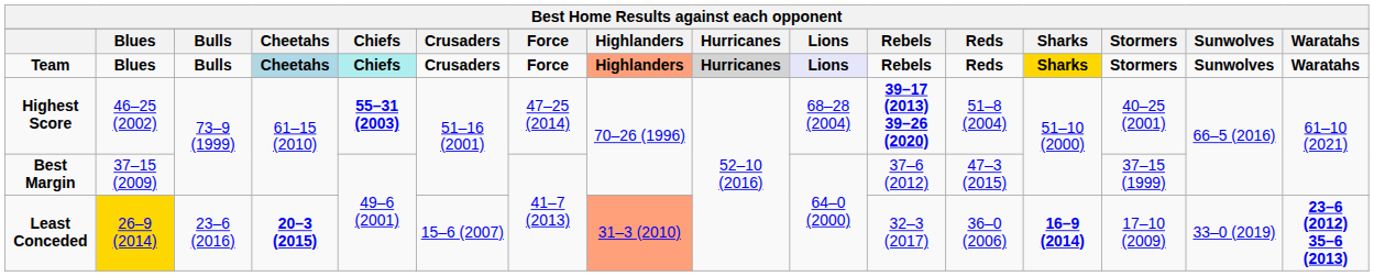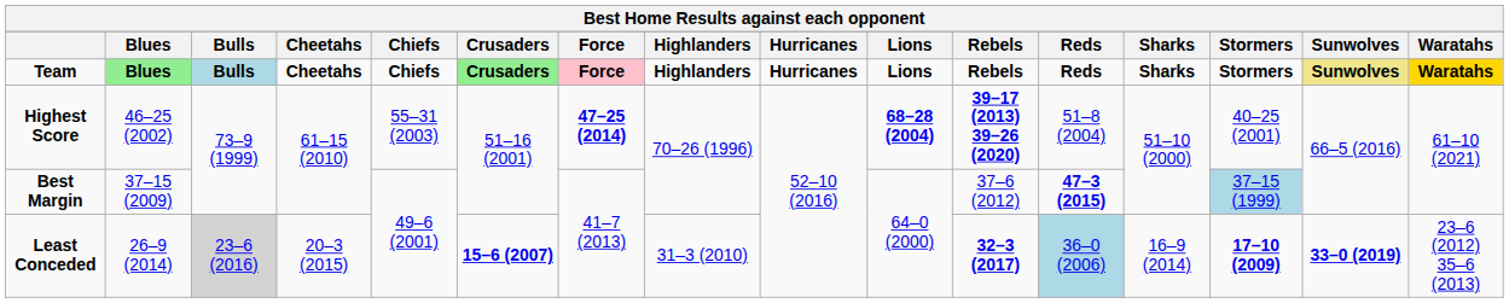 <table class="wikitable collapsible sortable mw-collapsed" style="text-align:left; font-size:100%; width:90%;">
 <tr>
 <th colspan="100%">Best Home Results against each opponent</th>
 </tr>
 <tr>
 </tr>
 <tr border=1 cellpadding=5 cellspacing=0 width=90%>
 <th style="width:5%;"></th>
 <th style="width:5%;">Blues</th>
 <th style="width:5%;">Bulls</th>
 <th style="width:5%;">Cheetahs</th>
 <th style="width:5%;">Chiefs</th>
 <th style="width:5%;">Crusaders</th>
 <th style="width:5%;">Force</th>
 <th style="width:5%;">Highlanders</th>
 <th style="width:5%;">Hurricanes</th>
 <th style="width:5%;">Lions</th>
 <th style="width:5%;">Rebels</th>
 <th style="width:5%;">Reds</th>
 <th style="width:5%;">Sharks</th>
 <th style="width:5%;">Stormers</th>
 <th style="width:5%;">Sunwolves</th>
 <th style="width:5%;">Waratahs<br></th>
 </tr>
 <tr align=center>
 <td><strong>Team</strong></td>
-<td><strong>Blues</strong></td>
-<td><strong>Bulls</strong></td>
-<td style="background: lightblue;"><strong>Cheetahs</strong></td>
-<td style="background: paleturquoise;"><strong>Chiefs</strong></td>
-<td><strong>Crusaders</strong></td>
-<td><strong>Force</strong></td>
-<td style="background: lightsalmon;"><strong>Highlanders</strong></td>
-<td style="background: lightgrey;"><strong>Hurricanes</strong></td>
-<td style="background: lavender;"><strong>Lions</strong></td>
+<td style="background: lightgreen;"><strong>Blues</strong></td>
+<td style="background: lightblue;"><strong>Bulls</strong></td>
+<td><strong>Cheetahs</strong></td>
+<td><strong>Chiefs</strong></td>
+<td style="background: lightgreen;"><strong>Crusaders</strong></td>
+<td style="background: pink;"><strong>Force</strong></td>
+<td><strong>Highlanders</strong></td>
+<td><strong>Hurricanes</strong></td>
+<td><strong>Lions</strong></td>
 <td><strong>Rebels</strong></td>
 <td><strong>Reds</strong></td>
-<td style="background: gold;"><strong>Sharks</strong></td>
+<td><strong>Sharks</strong></td>
 <td><strong>Stormers</strong></td>
-<td><strong>Sunwolves</strong></td>
-<td><strong>Waratahs</strong></td>
+<td style="background: khaki;"><strong>Sunwolves</strong></td>
+<td style="background: gold;"><strong>Waratahs</strong></td>
 </tr>
 <tr align=center>
 <td><strong>Highest Score</strong></td>
 <td><a href='#'>46–25 (2002)</a></td>
 <td rowspan="2"><a href='#'>73–9 (1999)</a></td>
 <td rowspan="2"><a href='#'>61–15 (2010)</a></td>
-<td><strong><a href='#'>55–31 (2003)</a></strong></td>
+<td><a href='#'>55–31 (2003)</a></td>
 <td rowspan="2"><a href='#'>51–16 (2001)</a></td>
-<td><a href='#'>47–25 (2014)</a></td>
+<td><strong><a href='#'>47–25 (2014)</a></strong></td>
 <td rowspan="2"><a href='#'>70–26 (1996)</a></td>
 <td rowspan="3"><a href='#'>52–10 (2016)</a></td>
-<td><a href='#'>68–28 (2004)</a></td>
+<td><strong><a href='#'>68–28 (2004)</a></strong></td>
 <td><strong><a href='#'>39–17 (2013)</a> <br> <a href='#'>39–26 (2020)</a></strong></td>
 <td><a href='#'>51–8 (2004)</a></td>
 <td rowspan="2"><a href='#'>51–10 (2000)</a></td>
 <td><a href='#'>40–25 (2001)</a></td>
 <td rowspan="2"><a href='#'>66–5 (2016)</a></td>
 <td rowspan="2"><a href='#'>61–10 (2021)</a></td>
 </tr>
 <tr align=center>
 <td><strong>Best Margin</strong></td>
 <td><a href='#'>37–15 (2009)</a></td>
 <td rowspan="2"><a href='#'>49–6 (2001)</a></td>
 <td rowspan="2"><a href='#'>41–7 (2013)</a></td>
 <td rowspan="2"><a href='#'>64–0 (2000)</a></td>
 <td><a href='#'>37–6 (2012)</a></td>
-<td><a href='#'>47–3 (2015)</a></td>
-<td><a href='#'>37–15 (1999)</a></td>
+<td><strong><a href='#'>47–3 (2015)</a></strong></td>
+<td style="background: lightblue;"><a href='#'>37–15 (1999)</a></td>
 </tr>
 <tr align=center>
 <td><strong>Least Conceded</strong></td>
-<td style="background: gold;"><a href='#'>26–9 (2014)</a></td>
-<td><a href='#'>23–6 (2016)</a></td>
-<td><strong><a href='#'>20–3 (2015)</a></strong></td>
-<td><a href='#'>15–6 (2007)</a></td>
-<td style="background: lightsalmon;"><a href='#'>31–3 (2010)</a></td>
-<td><a href='#'>32–3 (2017)</a></td>
-<td><a href='#'>36–0 (2006)</a></td>
-<td><strong><a href='#'>16–9 (2014)</a></strong></td>
-<td><a href='#'>17–10 (2009)</a></td>
-<td><a href='#'>33–0 (2019)</a></td>
-<td><strong><a href='#'>23–6 (2012)</a> <br> <a href='#'>35–6 (2013)</a></strong></td>
+<td><a href='#'>26–9 (2014)</a></td>
+<td style="background: lightgrey;"><a href='#'>23–6 (2016)</a></td>
+<td><a href='#'>20–3 (2015)</a></td>
+<td><strong><a href='#'>15–6 (2007)</a></strong></td>
+<td><a href='#'>31–3 (2010)</a></td>
+<td><strong><a href='#'>32–3 (2017)</a></strong></td>
+<td style="background: lightblue;"><a href='#'>36–0 (2006)</a></td>
+<td><a href='#'>16–9 (2014)</a></td>
+<td><strong><a href='#'>17–10 (2009)</a></strong></td>
+<td><strong><a href='#'>33–0 (2019)</a></strong></td>
+<td><a href='#'>23–6 (2012)</a> <br> <a href='#'>35–6 (2013)</a></td>
 </tr>
 </table>
